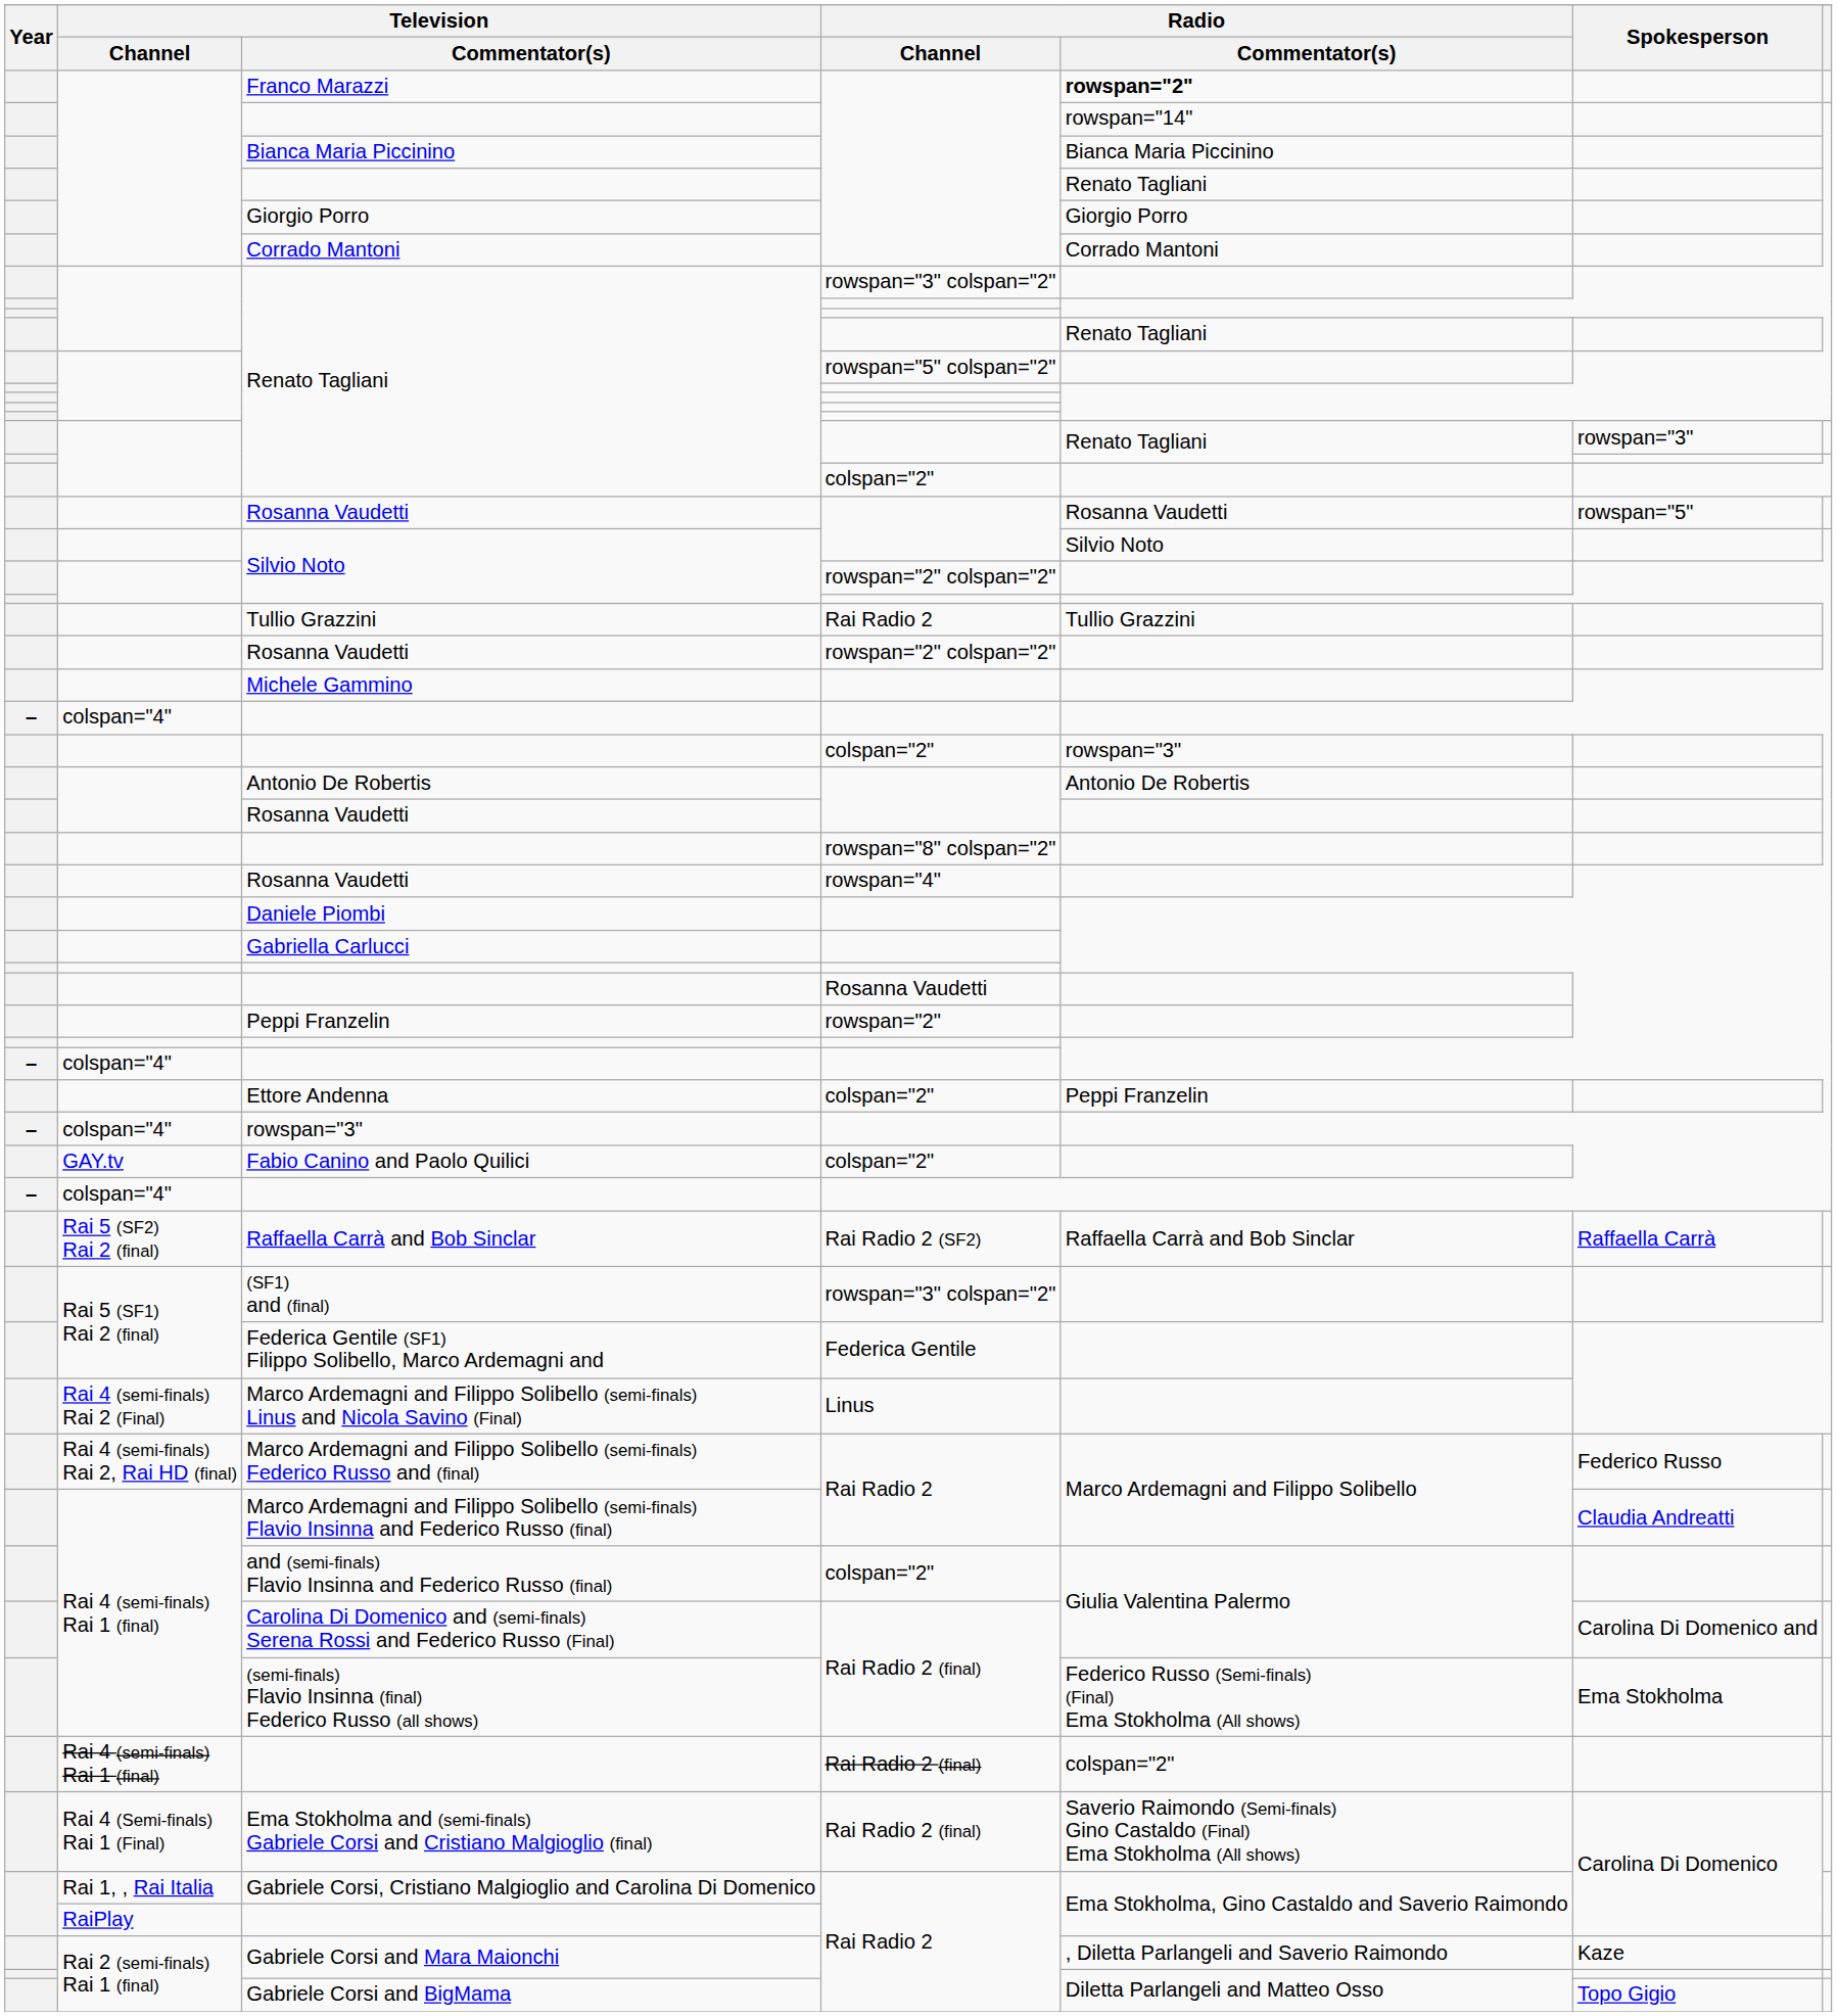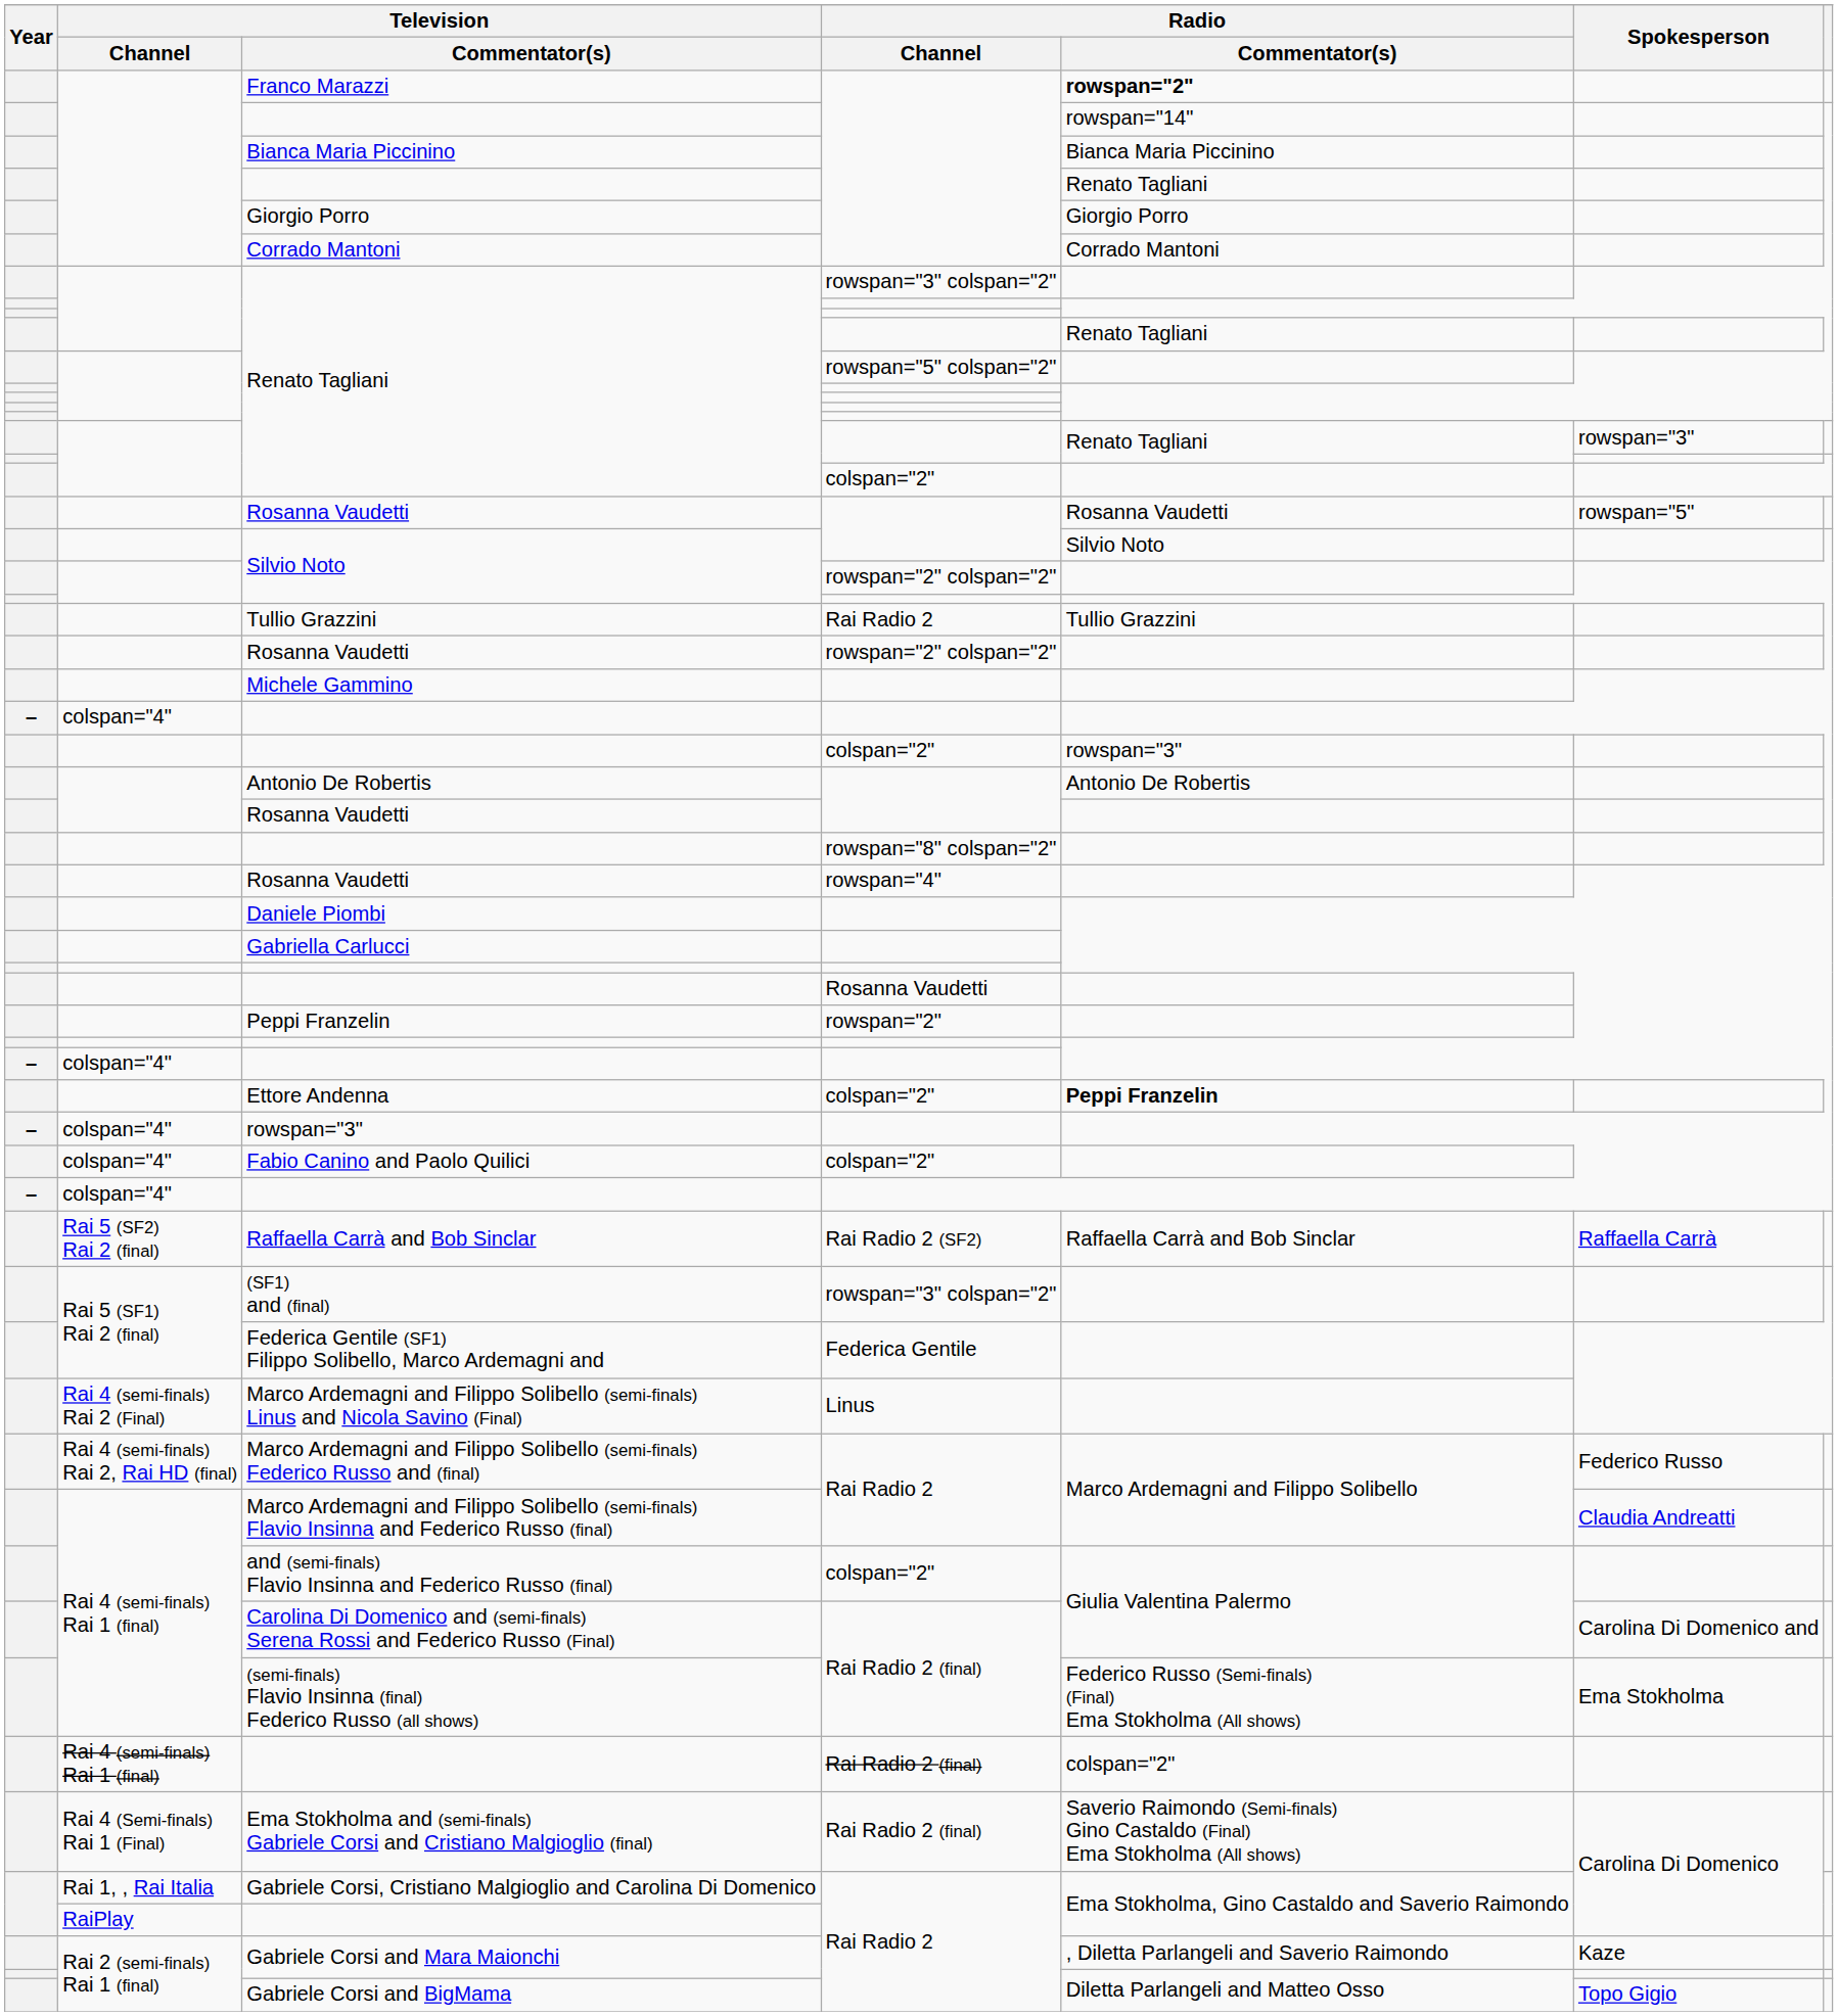 <table class="wikitable plainrowheaders sticky-header">
 <tr>
 </tr>
 <tr>
 <th rowspan="2">Year</th>
 <th colspan="2">Television</th>
 <th colspan="2">Radio</th>
 <th rowspan="2">Spokesperson</th>
 <th rowspan="2" class="unsortable"></th>
 </tr>
 <tr>
 <th>Channel</th>
 <th>Commentator(s)</th>
 <th>Channel</th>
 <th>Commentator(s)</th>
 </tr>
 <tr>
 <th scope="row"></th>
 <td rowspan="6"></td>
 <td><a href='#'>Franco Marazzi</a></td>
 <td rowspan="6"></td>
 <td><strong>rowspan="2" </strong></td>
 <td></td>
 <td style="text-align:center"></td>
 </tr>
 <tr>
 <th scope="row"></th>
 <td></td>
 <td>rowspan="14" </td>
 <td style="text-align:center"></td>
 </tr>
 <tr>
 <th scope="row"></th>
 <td><a href='#'>Bianca Maria Piccinino</a></td>
 <td>Bianca Maria Piccinino</td>
 <td style="text-align:center"></td>
 </tr>
 <tr>
 <th scope="row"></th>
 <td></td>
 <td>Renato Tagliani</td>
 <td style="text-align:center"></td>
 </tr>
 <tr>
 <th scope="row"></th>
 <td>Giorgio Porro</td>
 <td>Giorgio Porro</td>
 <td style="text-align:center"></td>
 </tr>
 <tr>
 <th scope="row"></th>
 <td><a href='#'>Corrado Mantoni</a></td>
 <td>Corrado Mantoni</td>
 <td style="text-align:center"></td>
 </tr>
 <tr>
 <th scope="row"></th>
 <td rowspan="4"></td>
 <td rowspan="12">Renato Tagliani</td>
 <td>rowspan="3" colspan="2" </td>
 <td style="text-align:center"></td>
 </tr>
 <tr>
 <th scope="row"></th>
 <td style="text-align:center"></td>
 </tr>
 <tr>
 <th scope="row"></th>
 <td style="text-align:center"></td>
 </tr>
 <tr>
 <th scope="row"></th>
 <td></td>
 <td>Renato Tagliani</td>
 <td style="text-align:center"></td>
 </tr>
 <tr>
 <th scope="row"></th>
 <td rowspan="5"></td>
 <td>rowspan="5" colspan="2" </td>
 <td style="text-align:center"></td>
 </tr>
 <tr>
 <th scope="row"></th>
 <td style="text-align:center"></td>
 </tr>
 <tr>
 <th scope="row"></th>
 <td style="text-align:center"></td>
 </tr>
 <tr>
 <th scope="row"></th>
 <td style="text-align:center"></td>
 </tr>
 <tr>
 <th scope="row"></th>
 <td style="text-align:center"></td>
 </tr>
 <tr>
 <th scope="row"></th>
 <td rowspan="3"></td>
 <td rowspan="2"></td>
 <td rowspan="2">Renato Tagliani</td>
 <td>rowspan="3" </td>
 <td style="text-align:center"></td>
 </tr>
 <tr>
 <th scope="row"></th>
 <td style="text-align:center"></td>
 </tr>
 <tr>
 <th scope="row"></th>
 <td>colspan="2" </td>
 <td style="text-align:center"></td>
 </tr>
 <tr>
 <th scope="row"></th>
 <td></td>
 <td><a href='#'>Rosanna Vaudetti</a></td>
 <td rowspan="2"></td>
 <td>Rosanna Vaudetti</td>
 <td>rowspan="5" </td>
 <td style="text-align:center"></td>
 </tr>
 <tr>
 <th scope="row"></th>
 <td></td>
 <td rowspan="3"><a href='#'>Silvio Noto</a></td>
 <td>Silvio Noto</td>
 <td style="text-align:center"></td>
 </tr>
 <tr>
 <th scope="row"></th>
 <td rowspan="2"></td>
 <td>rowspan="2" colspan="2" </td>
 <td style="text-align:center"></td>
 </tr>
 <tr>
 <th scope="row"></th>
 <td style="text-align:center"></td>
 </tr>
 <tr>
 <th scope="row"></th>
 <td></td>
 <td>Tullio Grazzini</td>
 <td>Rai Radio 2</td>
 <td>Tullio Grazzini</td>
 <td style="text-align:center"></td>
 </tr>
 <tr>
 <th scope="row"></th>
 <td></td>
 <td>Rosanna Vaudetti</td>
 <td>rowspan="2" colspan="2" </td>
 <td></td>
 <td style="text-align:center"></td>
 </tr>
 <tr>
 <th scope="row"></th>
 <td></td>
 <td><a href='#'>Michele Gammino</a></td>
 <td></td>
 <td style="text-align:center"></td>
 </tr>
 <tr>
 <th scope="row">–</th>
 <td>colspan="4" </td>
 <td></td>
 <td></td>
 </tr>
 <tr>
 <th scope="row"></th>
 <td></td>
 <td></td>
 <td>colspan="2" </td>
 <td>rowspan="3" </td>
 <td style="text-align:center"></td>
 </tr>
 <tr>
 <th scope="row"></th>
 <td rowspan="2"></td>
 <td>Antonio De Robertis</td>
 <td rowspan="2"></td>
 <td>Antonio De Robertis</td>
 <td style="text-align:center"></td>
 </tr>
 <tr>
 <th scope="row"></th>
 <td>Rosanna Vaudetti</td>
 <td></td>
 <td style="text-align:center"></td>
 </tr>
 <tr>
 <th scope="row"></th>
 <td></td>
 <td></td>
 <td>rowspan="8" colspan="2" </td>
 <td></td>
 <td style="text-align:center"></td>
 </tr>
 <tr>
 <th scope="row"></th>
 <td></td>
 <td>Rosanna Vaudetti</td>
 <td>rowspan="4" </td>
 <td style="text-align:center"></td>
 </tr>
 <tr>
 <th scope="row"></th>
 <td></td>
 <td><a href='#'>Daniele Piombi</a></td>
 <td style="text-align:center"></td>
 </tr>
 <tr>
 <th scope="row"></th>
 <td></td>
 <td><a href='#'>Gabriella Carlucci</a></td>
 <td style="text-align:center"></td>
 </tr>
 <tr>
 <th scope="row"></th>
 <td></td>
 <td></td>
 <td style="text-align:center"></td>
 </tr>
 <tr>
 <th scope="row"></th>
 <td></td>
 <td></td>
 <td>Rosanna Vaudetti</td>
 <td style="text-align:center"></td>
 </tr>
 <tr>
 <th scope="row"></th>
 <td></td>
 <td>Peppi Franzelin</td>
 <td>rowspan="2" </td>
 <td style="text-align:center"></td>
 </tr>
 <tr>
 <th scope="row"></th>
 <td></td>
 <td></td>
 <td style="text-align:center"></td>
 </tr>
 <tr>
 <th scope="row">–</th>
 <td>colspan="4" </td>
 <td></td>
 <td></td>
 </tr>
 <tr>
 <th scope="row"></th>
 <td></td>
 <td>Ettore Andenna</td>
 <td>colspan="2" </td>
-<td>Peppi Franzelin</td>
+<td><strong>Peppi Franzelin</strong></td>
 <td style="text-align:center"></td>
 </tr>
 <tr>
 <th scope="row">–</th>
 <td>colspan="4" </td>
 <td>rowspan="3" </td>
 <td></td>
 </tr>
 <tr>
 <th scope="row"></th>
-<td><a href='#'>GAY.tv</a></td>
+<td>colspan="4" </td>
 <td><a href='#'>Fabio Canino</a> and Paolo Quilici</td>
 <td>colspan="2" </td>
 <td style="text-align:center"></td>
 </tr>
 <tr>
 <th scope="row">–</th>
 <td>colspan="4" </td>
 <td></td>
 </tr>
 <tr>
 <th scope="row"></th>
 <td><a href='#'>Rai 5</a> <small>(SF2)</small><br><a href='#'>Rai 2</a> <small>(final)</small></td>
 <td><a href='#'>Raffaella Carrà</a> and <a href='#'>Bob Sinclar</a></td>
 <td>Rai Radio 2 <small>(SF2)</small></td>
 <td>Raffaella Carrà and Bob Sinclar</td>
 <td><a href='#'>Raffaella Carrà</a></td>
 <td style="text-align:center"></td>
 </tr>
 <tr>
 <th scope="row"></th>
 <td rowspan="2">Rai 5 <small>(SF1)</small><br>Rai 2 <small>(final)</small></td>
 <td> <small>(SF1)</small><br> and  <small>(final)</small></td>
 <td>rowspan="3" colspan="2" </td>
 <td></td>
 <td style="text-align:center"></td>
 </tr>
 <tr>
 <th scope="row"></th>
 <td>Federica Gentile <small>(SF1)</small><br>Filippo Solibello, Marco Ardemagni and </td>
 <td>Federica Gentile</td>
 <td style="text-align:center"></td>
 </tr>
 <tr>
 <th scope="row"></th>
 <td><a href='#'>Rai 4</a> <small>(semi-finals)</small><br>Rai 2 <small>(Final)</small></td>
 <td>Marco Ardemagni and Filippo Solibello <small>(semi-finals)</small><br><a href='#'>Linus</a> and <a href='#'>Nicola Savino</a> <small>(Final)</small></td>
 <td>Linus</td>
 <td style="text-align:center"></td>
 </tr>
 <tr>
 <th scope="row"></th>
 <td>Rai 4 <small>(semi-finals)</small><br>Rai 2, <a href='#'>Rai HD</a> <small>(final)</small></td>
 <td>Marco Ardemagni and Filippo Solibello <small>(semi-finals)</small><br><a href='#'>Federico Russo</a> and  <small>(final)</small></td>
 <td rowspan="2">Rai Radio 2</td>
 <td rowspan="2">Marco Ardemagni and Filippo Solibello</td>
 <td>Federico Russo</td>
 <td style="text-align:center"></td>
 </tr>
 <tr>
 <th scope="row"></th>
 <td rowspan="4">Rai 4 <small>(semi-finals)</small><br>Rai 1 <small>(final)</small></td>
 <td>Marco Ardemagni and Filippo Solibello <small>(semi-finals)</small><br><a href='#'>Flavio Insinna</a> and Federico Russo <small>(final)</small></td>
 <td><a href='#'>Claudia Andreatti</a></td>
 <td style="text-align:center"></td>
 </tr>
 <tr>
 <th scope="row"></th>
 <td> and  <small>(semi-finals)</small><br>Flavio Insinna and Federico Russo <small>(final)</small></td>
 <td>colspan="2" </td>
 <td rowspan="2">Giulia Valentina Palermo</td>
 <td style="text-align:center"></td>
 </tr>
 <tr>
 <th scope="row"></th>
 <td><a href='#'>Carolina Di Domenico</a> and  <small>(semi-finals)</small><br><a href='#'>Serena Rossi</a> and Federico Russo <small>(Final)</small></td>
 <td rowspan="2">Rai Radio 2 <small>(final)</small></td>
 <td>Carolina Di Domenico and </td>
 <td style="text-align:center"></td>
 </tr>
 <tr>
 <th scope="row"></th>
 <td> <small>(semi-finals)</small><br>Flavio Insinna <small>(final)</small><br>Federico Russo <small>(all shows)</small></td>
 <td>Federico Russo <small>(Semi-finals)</small><br>  <small>(Final)</small><br> Ema Stokholma <small>(All shows)</small></td>
 <td>Ema Stokholma</td>
 <td style="text-align:center"></td>
 </tr>
 <tr>
 <th scope="row"><s></s></th>
 <td><s>Rai 4 <small>(semi-finals)</small><br>Rai 1 <small>(final)</small></s></td>
 <td></td>
 <td><s>Rai Radio 2 <small>(final)</small></s></td>
 <td>colspan="2" </td>
 <td style="text-align:center"></td>
 </tr>
 <tr>
 <th scope="row"></th>
 <td>Rai 4 <small>(Semi-finals)</small><br>Rai 1 <small>(Final)</small></td>
 <td>Ema Stokholma and  <small>(semi-finals)</small><br><a href='#'>Gabriele Corsi</a> and <a href='#'>Cristiano Malgioglio</a> <small>(final)</small></td>
 <td>Rai Radio 2 <small>(final)</small></td>
 <td>Saverio Raimondo <small>(Semi-finals)</small><br> Gino Castaldo <small>(Final)</small><br> Ema Stokholma <small>(All shows)</small></td>
 <td rowspan="3">Carolina Di Domenico</td>
 <td style="text-align:center"></td>
 </tr>
 <tr>
 <th scope="row" rowspan="2"></th>
 <td>Rai 1, , <a href='#'>Rai Italia</a></td>
 <td>Gabriele Corsi, Cristiano Malgioglio and Carolina Di Domenico</td>
 <td rowspan="5">Rai Radio 2</td>
 <td rowspan="2">Ema Stokholma, Gino Castaldo and Saverio Raimondo</td>
 <td style="text-align:center" rowspan="2"></td>
 </tr>
 <tr>
 <td><a href='#'>RaiPlay</a></td>
 <td></td>
 </tr>
 <tr>
 <th scope="row"></th>
 <td rowspan="3">Rai 2 <small>(semi-finals)</small><br>Rai 1 <small>(final)</small></td>
 <td rowspan="2">Gabriele Corsi and <a href='#'>Mara Maionchi</a></td>
 <td>, Diletta Parlangeli and Saverio Raimondo</td>
 <td>Kaze</td>
 <td style="text-align:center"></td>
 </tr>
 <tr>
 <th scope="row"></th>
 <td rowspan="2">Diletta Parlangeli and Matteo Osso</td>
 <td></td>
 <td style="text-align:center"></td>
 </tr>
 <tr>
 <th scope="row"></th>
 <td>Gabriele Corsi and <a href='#'>BigMama</a></td>
 <td><a href='#'>Topo Gigio</a></td>
 <td style="text-align:center"></td>
 </tr>
 </table>
